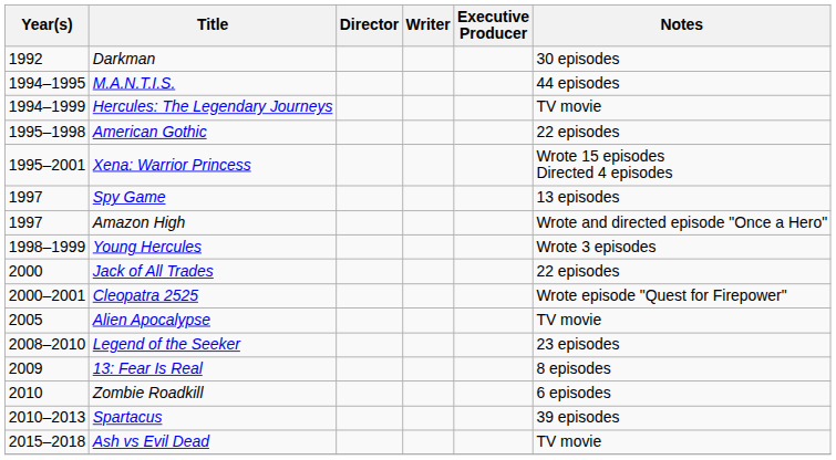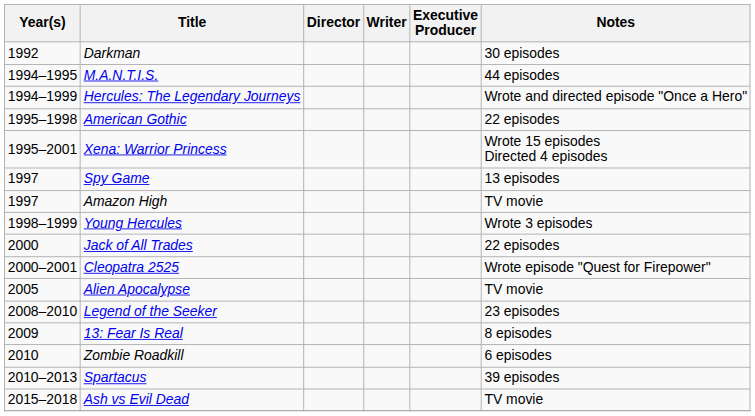 <table class="wikitable">
 <tr>
 <th>Year(s)</th>
 <th>Title</th>
 <th>Director</th>
 <th>Writer</th>
 <th>Executive<br>Producer</th>
 <th>Notes</th>
 </tr>
 <tr>
 <td>1992</td>
 <td><em>Darkman</em></td>
 <td></td>
 <td></td>
 <td></td>
 <td>30 episodes</td>
 </tr>
 <tr>
 <td>1994–1995</td>
 <td><em><a href='#'>M.A.N.T.I.S.</a></em></td>
 <td></td>
 <td></td>
 <td></td>
 <td>44 episodes</td>
 </tr>
 <tr>
 <td>1994–1999</td>
 <td><em><a href='#'>Hercules: The Legendary Journeys</a></em></td>
 <td></td>
 <td></td>
 <td></td>
-<td>TV movie</td>
+<td>Wrote and directed episode "Once a Hero"</td>
 </tr>
 <tr>
 <td>1995–1998</td>
 <td><em><a href='#'>American Gothic</a></em></td>
 <td></td>
 <td></td>
 <td></td>
 <td>22 episodes</td>
 </tr>
 <tr>
 <td>1995–2001</td>
 <td><em><a href='#'>Xena: Warrior Princess</a></em></td>
 <td></td>
 <td></td>
 <td></td>
 <td>Wrote 15 episodes<br>Directed 4 episodes</td>
 </tr>
 <tr>
 <td>1997</td>
 <td><em><a href='#'>Spy Game</a></em></td>
 <td></td>
 <td></td>
 <td></td>
 <td>13 episodes</td>
 </tr>
 <tr>
 <td>1997</td>
 <td><em>Amazon High</em></td>
 <td></td>
 <td></td>
 <td></td>
-<td>Wrote and directed episode "Once a Hero"</td>
+<td>TV movie</td>
 </tr>
 <tr>
 <td>1998–1999</td>
 <td><em><a href='#'>Young Hercules</a></em></td>
 <td></td>
 <td></td>
 <td></td>
 <td>Wrote 3 episodes</td>
 </tr>
 <tr>
 <td>2000</td>
 <td><em><a href='#'>Jack of All Trades</a></em></td>
 <td></td>
 <td></td>
 <td></td>
 <td>22 episodes</td>
 </tr>
 <tr>
 <td>2000–2001</td>
 <td><em><a href='#'>Cleopatra 2525</a></em></td>
 <td></td>
 <td></td>
 <td></td>
 <td>Wrote episode "Quest for Firepower"</td>
 </tr>
 <tr>
 <td>2005</td>
 <td><em><a href='#'>Alien Apocalypse</a></em></td>
 <td></td>
 <td></td>
 <td></td>
 <td>TV movie</td>
 </tr>
 <tr>
 <td>2008–2010</td>
 <td><em><a href='#'>Legend of the Seeker</a></em></td>
 <td></td>
 <td></td>
 <td></td>
 <td>23 episodes</td>
 </tr>
 <tr>
 <td>2009</td>
 <td><em><a href='#'>13: Fear Is Real</a></em></td>
 <td></td>
 <td></td>
 <td></td>
 <td>8 episodes</td>
 </tr>
 <tr>
 <td>2010</td>
 <td><em>Zombie Roadkill</em></td>
 <td></td>
 <td></td>
 <td></td>
 <td>6 episodes</td>
 </tr>
 <tr>
 <td>2010–2013</td>
 <td><em><a href='#'>Spartacus</a></em></td>
 <td></td>
 <td></td>
 <td></td>
 <td>39 episodes</td>
 </tr>
 <tr>
 <td>2015–2018</td>
 <td><em><a href='#'>Ash vs Evil Dead</a></em></td>
 <td></td>
 <td></td>
 <td></td>
 <td>TV movie</td>
 </tr>
 <tr>
 </tr>
 </table>
